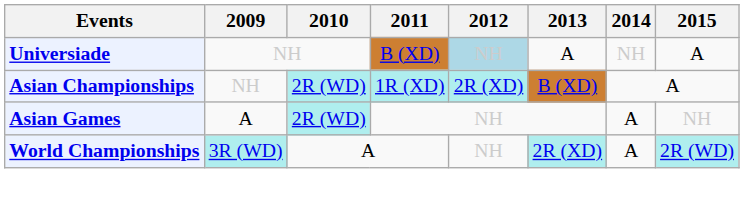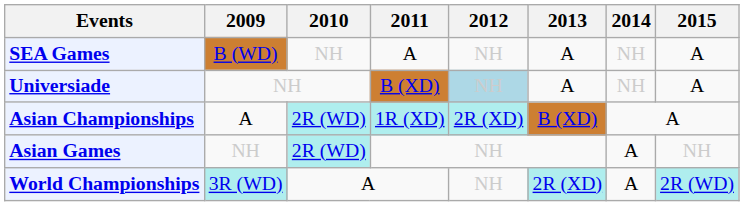 <table class="wikitable" style="font-size: 90%; text-align:center">
 <tr>
 <th>Events</th>
 <th>2009</th>
 <th>2010</th>
 <th>2011</th>
 <th>2012</th>
 <th>2013</th>
 <th>2014</th>
 <th>2015</th>
 </tr>
 <tr>
+<td bgcolor="#ECF2FF"; align="left"><strong><a href='#'>SEA Games</a></strong></td>
+<td bgcolor=CD7F32><a href='#'>B (WD)</a></td>
+<td style="color:#ccc;">NH</td>
+<td>A</td>
+<td style="color:#ccc;">NH</td>
+<td>A</td>
+<td style="color:#ccc;">NH</td>
+<td>A</td>
+</tr>
+<tr>
 <td bgcolor="#ECF2FF"; align="left"><strong><a href='#'>Universiade</a></strong></td>
 <td colspan="2" style=color:#ccc>NH</td>
 <td bgcolor=CD7F32><a href='#'>B (XD)</a></td>
 <td style="background: lightblue; color:#ccc;">NH</td>
 <td>A</td>
 <td style="color:#ccc;">NH</td>
 <td>A</td>
 </tr>
 <tr>
 <td bgcolor="#ECF2FF"; align="left"><strong><a href='#'>Asian Championships</a></strong></td>
-<td style="color:#ccc;">NH</td>
+<td>A</td>
 <td bgcolor=AFEEEE><a href='#'>2R (WD)</a></td>
 <td bgcolor=AFEEEE><a href='#'>1R (XD)</a></td>
 <td bgcolor=AFEEEE><a href='#'>2R (XD)</a></td>
 <td bgcolor=CD7F32><a href='#'>B (XD)</a></td>
 <td colspan="2">A</td>
 </tr>
 <tr>
 <td bgcolor="#ECF2FF"; align="left"><strong><a href='#'>Asian Games</a></strong></td>
-<td>A</td>
+<td style="color:#ccc;">NH</td>
 <td bgcolor=AFEEEE><a href='#'>2R (WD)</a></td>
 <td colspan="3" style="color:#ccc;">NH</td>
 <td>A</td>
 <td style="color:#ccc;">NH</td>
 </tr>
 <tr>
 <td bgcolor="#ECF2FF"; align="left"><strong><a href='#'>World Championships</a></strong></td>
 <td bgcolor=AFEEEE><a href='#'>3R (WD)</a></td>
 <td colspan="2">A</td>
 <td style="color:#ccc;">NH</td>
 <td bgcolor=AFEEEE><a href='#'>2R (XD)</a></td>
 <td>A</td>
 <td bgcolor=AFEEEE><a href='#'>2R (WD)</a></td>
 </tr>
 </table>
